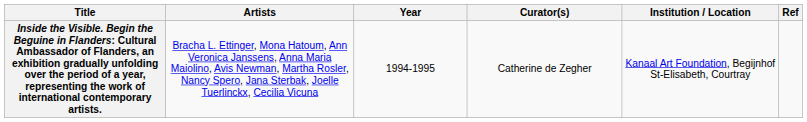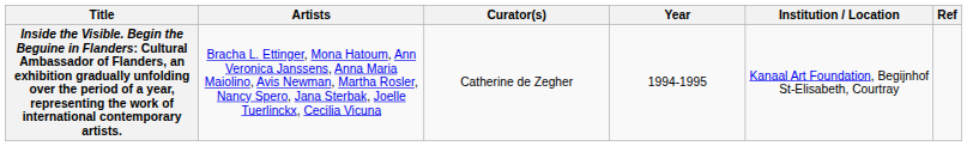 <table class="wikitable plainrowheaders" style="text-align:center;">
 <tr>
 <th scope="col" style="width:20em;">Title</th>
 <th scope="col" style="width:25em;">Artists</th>
+<th scope="col" style="width:20em;">Curator(s)</th>
 <th scope="col" style="width:15em;">Year</th>
-<th scope="col" style="width:20em;">Curator(s)</th>
 <th scope="col" style="width:20em;">Institution / Location</th>
 <th scope="col" style="width:2em;">Ref</th>
 </tr>
 <tr>
 <th scope="row"><em>Inside the Visible. Begin the Beguine in Flanders</em>: Cultural Ambassador of Flanders, an exhibition gradually unfolding over the period of a year, representing the work of international contemporary artists.</th>
 <td><a href='#'>Bracha L. Ettinger</a>, <a href='#'>Mona Hatoum</a>, <a href='#'>Ann Veronica Janssens</a>, <a href='#'>Anna Maria Maiolino</a>, <a href='#'>Avis Newman</a>, <a href='#'>Martha Rosler</a>, <a href='#'>Nancy Spero</a>, <a href='#'>Jana Sterbak</a>, <a href='#'>Joelle Tuerlinckx</a>, <a href='#'>Cecilia Vicuna</a></td>
+<td>Catherine de Zegher</td>
 <td>1994-1995</td>
-<td>Catherine de Zegher</td>
 <td><a href='#'>Kanaal Art Foundation</a>, Begijnhof St-Elisabeth, Courtray</td>
 <td></td>
 </tr>
 </table>
